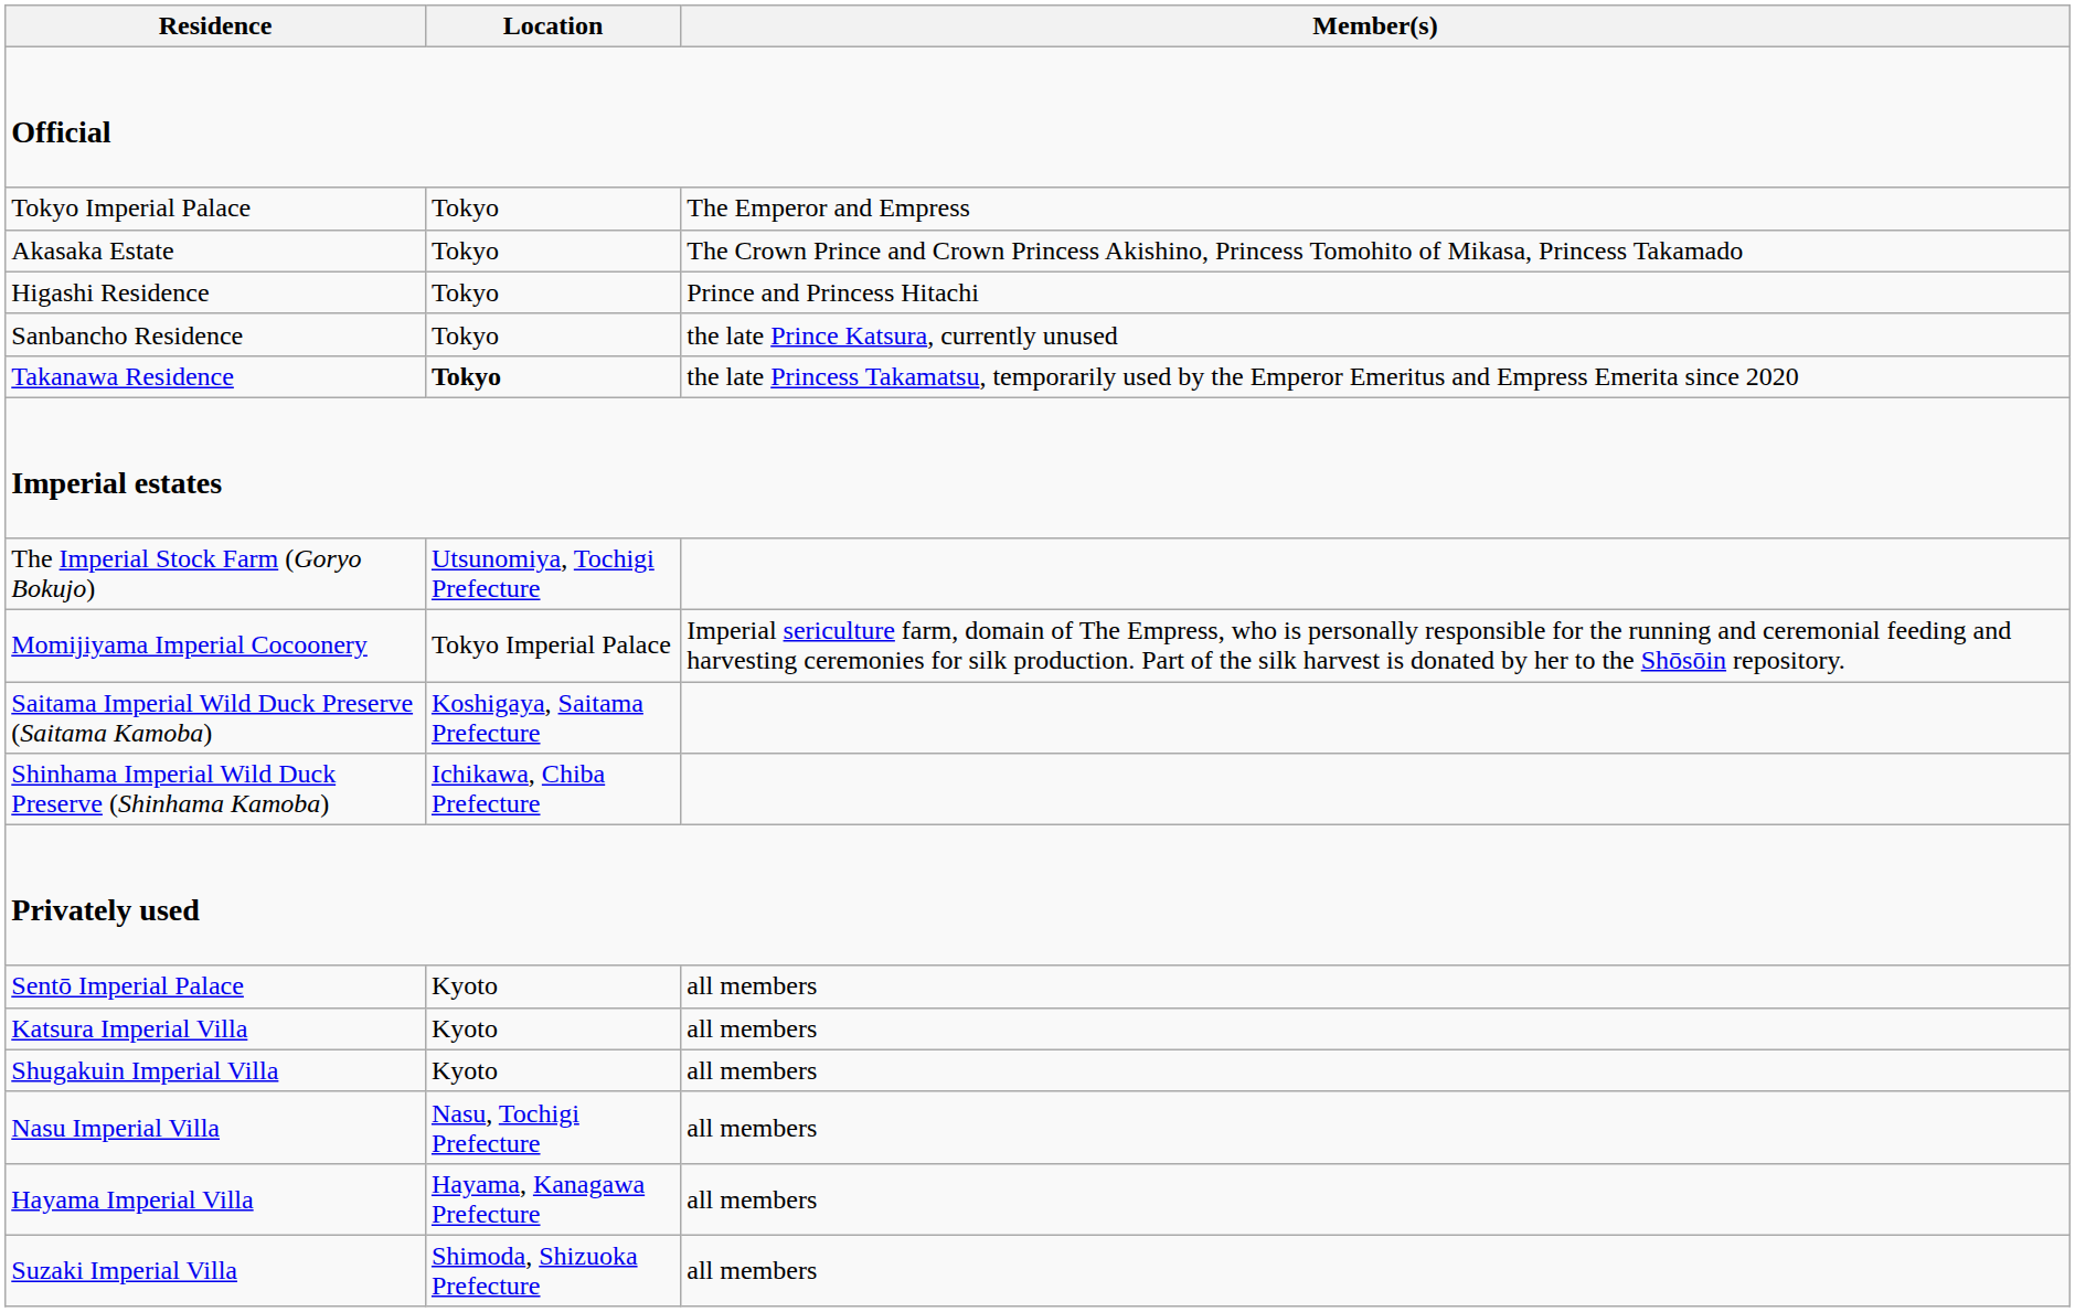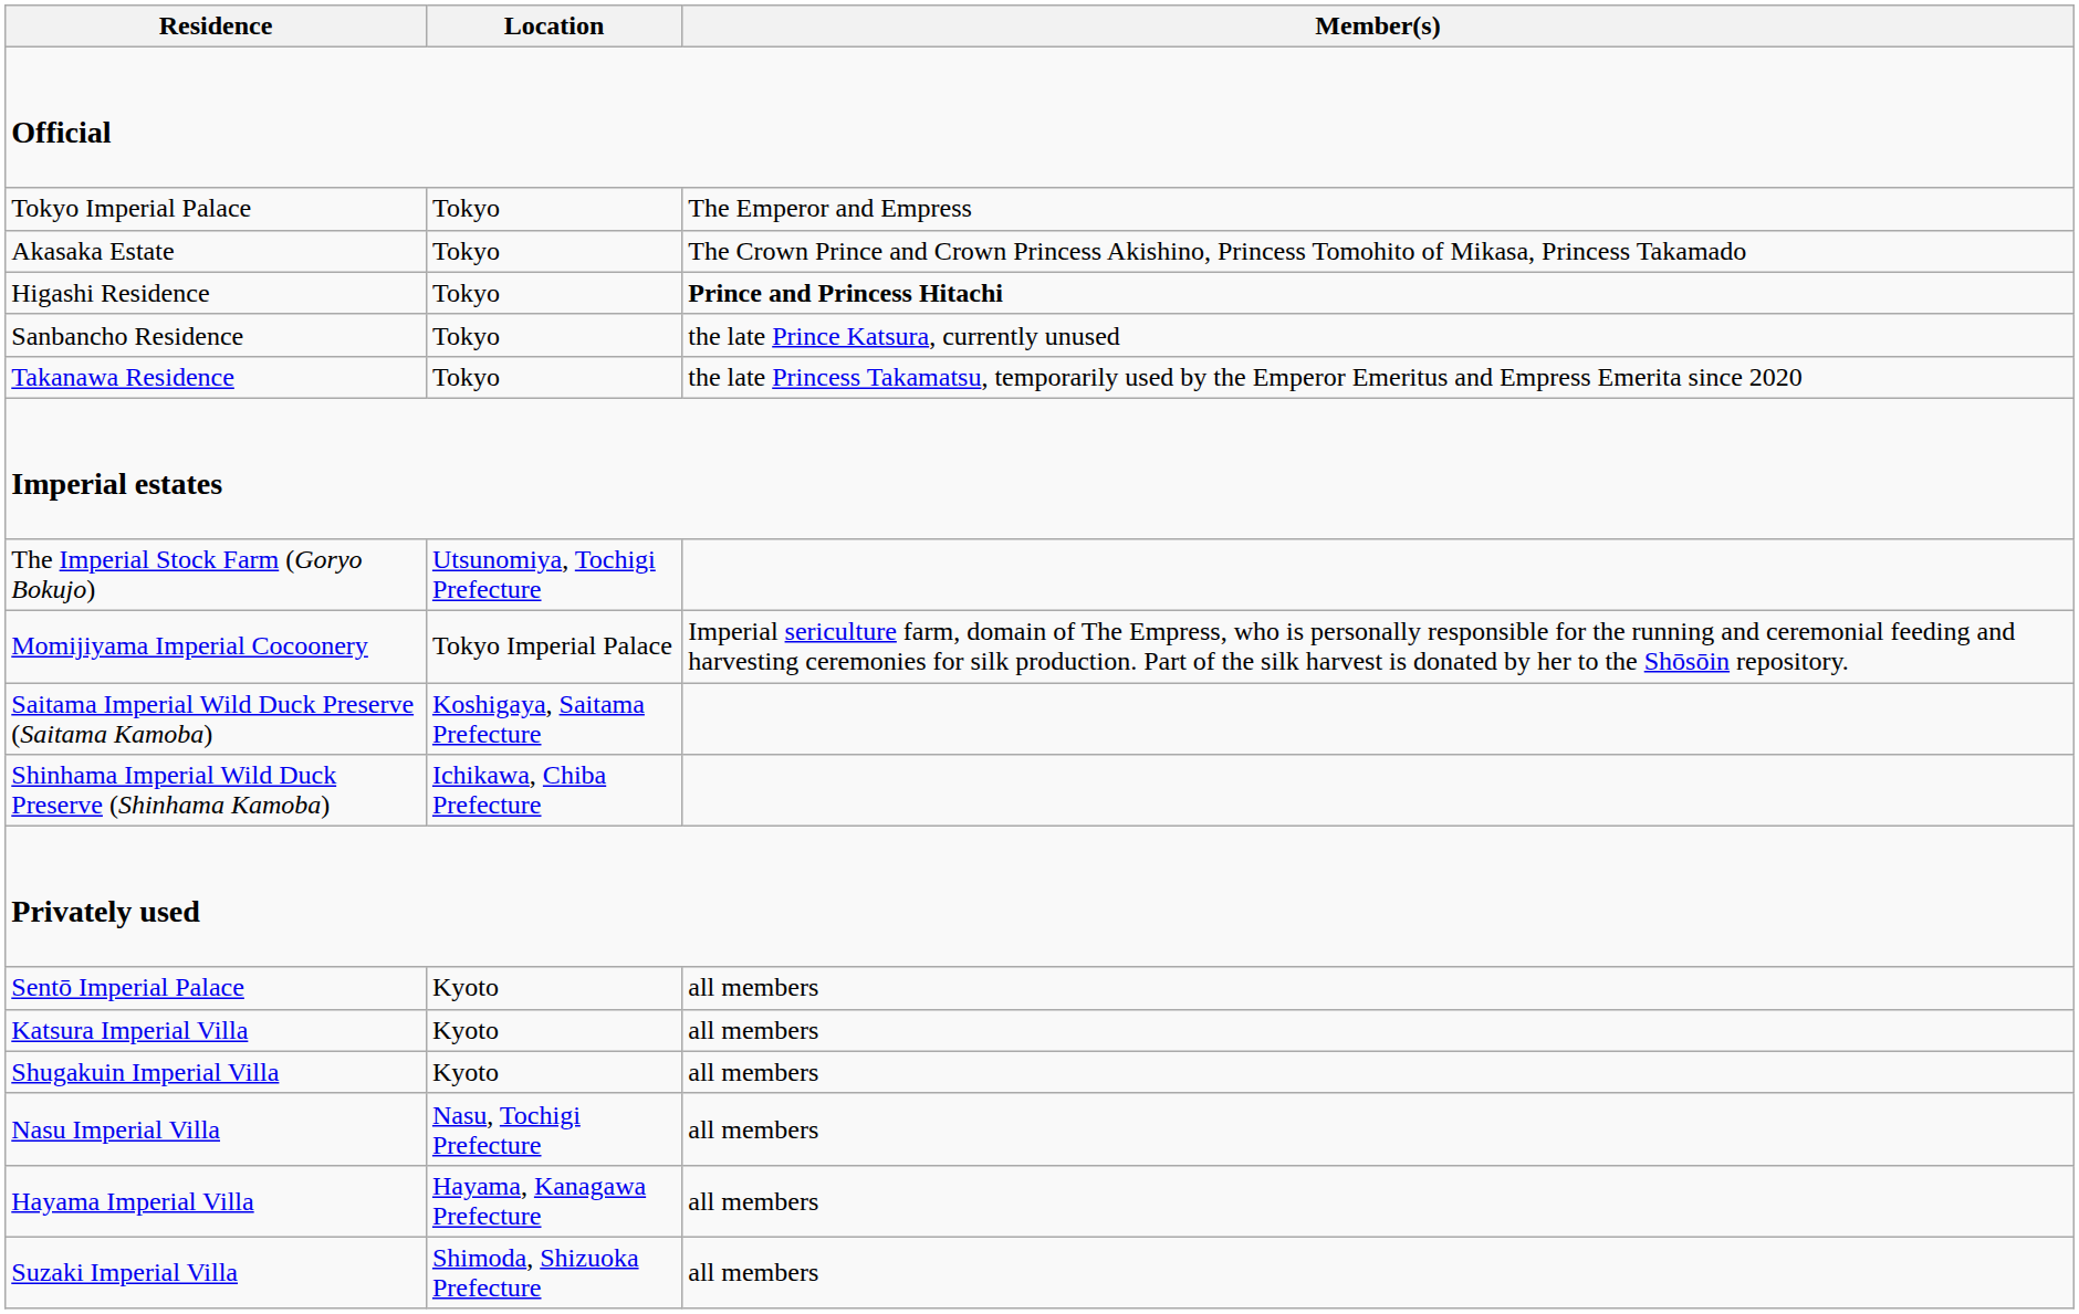 <table class="wikitable">
 <tr>
 <th>Residence</th>
 <th>Location</th>
 <th>Member(s)</th>
 </tr>
 <tr>
 <td colspan="3"><br><h3>Official</h3></td>
 </tr>
 <tr>
 <td>Tokyo Imperial Palace</td>
 <td>Tokyo</td>
 <td>The Emperor and Empress</td>
 </tr>
 <tr>
 <td>Akasaka Estate</td>
 <td>Tokyo</td>
 <td>The Crown Prince and Crown Princess Akishino, Princess Tomohito of Mikasa, Princess Takamado</td>
 </tr>
 <tr>
 <td>Higashi Residence</td>
 <td>Tokyo</td>
-<td>Prince and Princess Hitachi</td>
+<td><strong>Prince and Princess Hitachi</strong></td>
 </tr>
 <tr>
 <td>Sanbancho Residence</td>
 <td>Tokyo</td>
 <td>the late <a href='#'>Prince Katsura</a>, currently unused</td>
 </tr>
 <tr>
 <td><a href='#'>Takanawa Residence</a></td>
-<td><strong>Tokyo</strong></td>
+<td>Tokyo</td>
 <td>the late <a href='#'>Princess Takamatsu</a>, temporarily used by the Emperor Emeritus and Empress Emerita since 2020</td>
 </tr>
 <tr>
 <td colspan="3"><br><h3>Imperial estates</h3></td>
 </tr>
 <tr>
 <td>The <a href='#'>Imperial Stock Farm</a> (<em>Goryo Bokujo</em>)</td>
 <td><a href='#'>Utsunomiya</a>, <a href='#'>Tochigi Prefecture</a></td>
 <td></td>
 </tr>
 <tr>
 <td><a href='#'>Momijiyama Imperial Cocoonery</a></td>
 <td>Tokyo Imperial Palace</td>
 <td>Imperial <a href='#'>sericulture</a> farm, domain of The Empress, who is personally responsible for the running and ceremonial feeding and harvesting ceremonies for silk production. Part of the silk harvest is donated by her to the <a href='#'>Shōsōin</a> repository.</td>
 </tr>
 <tr>
 <td><a href='#'>Saitama Imperial Wild Duck Preserve</a> (<em>Saitama Kamoba</em>)</td>
 <td><a href='#'>Koshigaya</a>, <a href='#'>Saitama Prefecture</a></td>
 <td></td>
 </tr>
 <tr>
 <td><a href='#'>Shinhama Imperial Wild Duck Preserve</a> (<em>Shinhama Kamoba</em>)</td>
 <td><a href='#'>Ichikawa</a>, <a href='#'>Chiba Prefecture</a></td>
 <td></td>
 </tr>
 <tr>
 <td colspan="3"><br><h3>Privately used</h3></td>
 </tr>
 <tr>
 <td><a href='#'>Sentō Imperial Palace</a></td>
 <td>Kyoto</td>
 <td>all members</td>
 </tr>
 <tr>
 <td><a href='#'>Katsura Imperial Villa</a></td>
 <td>Kyoto</td>
 <td>all members</td>
 </tr>
 <tr>
 <td><a href='#'>Shugakuin Imperial Villa</a></td>
 <td>Kyoto</td>
 <td>all members</td>
 </tr>
 <tr>
 <td><a href='#'>Nasu Imperial Villa</a></td>
 <td><a href='#'>Nasu</a>, <a href='#'>Tochigi Prefecture</a></td>
 <td>all members</td>
 </tr>
 <tr>
 <td><a href='#'>Hayama Imperial Villa</a></td>
 <td><a href='#'>Hayama</a>, <a href='#'>Kanagawa Prefecture</a></td>
 <td>all members</td>
 </tr>
 <tr>
 <td><a href='#'>Suzaki Imperial Villa</a></td>
 <td><a href='#'>Shimoda</a>, <a href='#'>Shizuoka Prefecture</a></td>
 <td>all members</td>
 </tr>
 </table>
